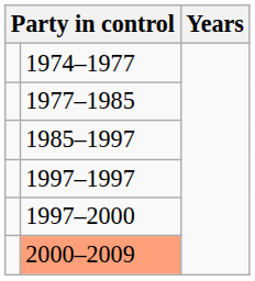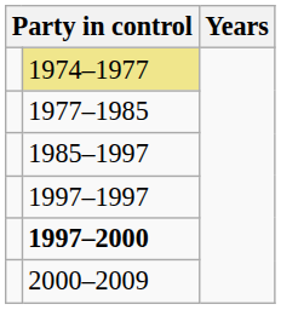 <table class="wikitable">
 <tr>
 <th colspan="2">Party in control</th>
 <th>Years</th>
 </tr>
 <tr>
 <td></td>
-<td>1974–1977</td>
+<td style="background: khaki;">1974–1977</td>
 </tr>
 <tr>
 <td></td>
 <td>1977–1985</td>
 </tr>
 <tr>
 <td></td>
 <td>1985–1997</td>
 </tr>
 <tr>
 <td></td>
 <td>1997–1997</td>
 </tr>
 <tr>
 <td></td>
-<td>1997–2000</td>
+<td><strong>1997–2000</strong></td>
 </tr>
 <tr>
 <td></td>
-<td style="background: lightsalmon;">2000–2009</td>
+<td>2000–2009</td>
 </tr>
 </table>
